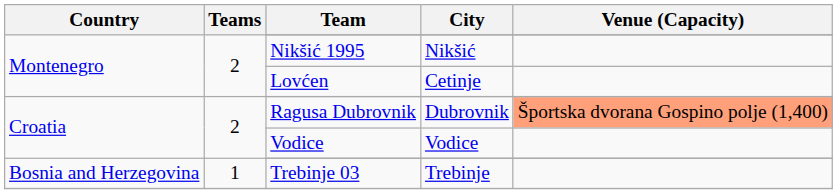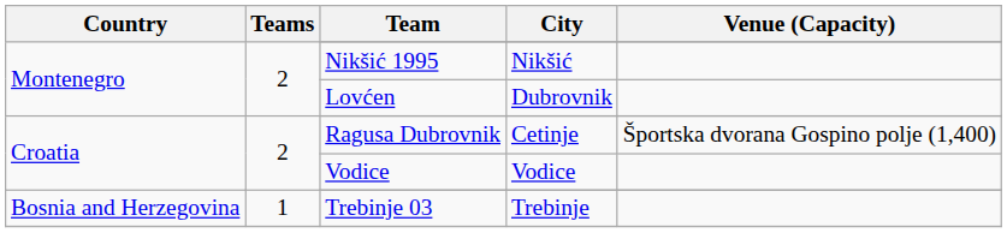 <table class="wikitable">
 <tr>
 <th>Country</th>
 <th>Teams</th>
 <th>Team</th>
 <th>City</th>
 <th>Venue (Capacity)</th>
 </tr>
 <tr>
 <td rowspan=3> <a href='#'>Montenegro</a></td>
 <td align=center rowspan=3>2</td>
 </tr>
 <tr>
 <td><a href='#'>Nikšić 1995</a></td>
 <td><a href='#'>Nikšić</a></td>
 <td></td>
 </tr>
 <tr>
 <td><a href='#'>Lovćen</a></td>
-<td><a href='#'>Cetinje</a></td>
+<td><a href='#'>Dubrovnik</a></td>
 <td></td>
 </tr>
 <tr>
 <td rowspan=3> <a href='#'>Croatia</a></td>
 <td align=center rowspan=3>2</td>
 </tr>
 <tr>
 <td><a href='#'>Ragusa Dubrovnik</a></td>
-<td><a href='#'>Dubrovnik</a></td>
-<td style="background: lightsalmon;">Športska dvorana Gospino polje (1,400)</td>
+<td><a href='#'>Cetinje</a></td>
+<td>Športska dvorana Gospino polje (1,400)</td>
 </tr>
 <tr>
 <td><a href='#'>Vodice</a></td>
 <td><a href='#'>Vodice</a></td>
 <td></td>
 </tr>
 <tr>
 <td rowspan=2> <a href='#'>Bosnia and Herzegovina</a></td>
 <td align=center rowspan=2>1</td>
 </tr>
 <tr>
 <td><a href='#'>Trebinje 03</a></td>
 <td><a href='#'>Trebinje</a></td>
 <td></td>
 </tr>
 <tr>
 </tr>
 </table>
